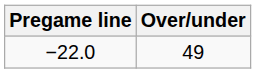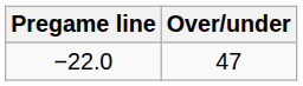 <table class="wikitable" style="margin-left: auto; margin-right: auto; border: none; display: inline-table;">
 <tr style="text-align:center">
 <th style=>Pregame line</th>
 <th style=>Over/under</th>
 </tr>
 <tr style="text-align:center">
 <td>−22.0</td>
-<td>49</td>
+<td>47</td>
 </tr>
 </table>
